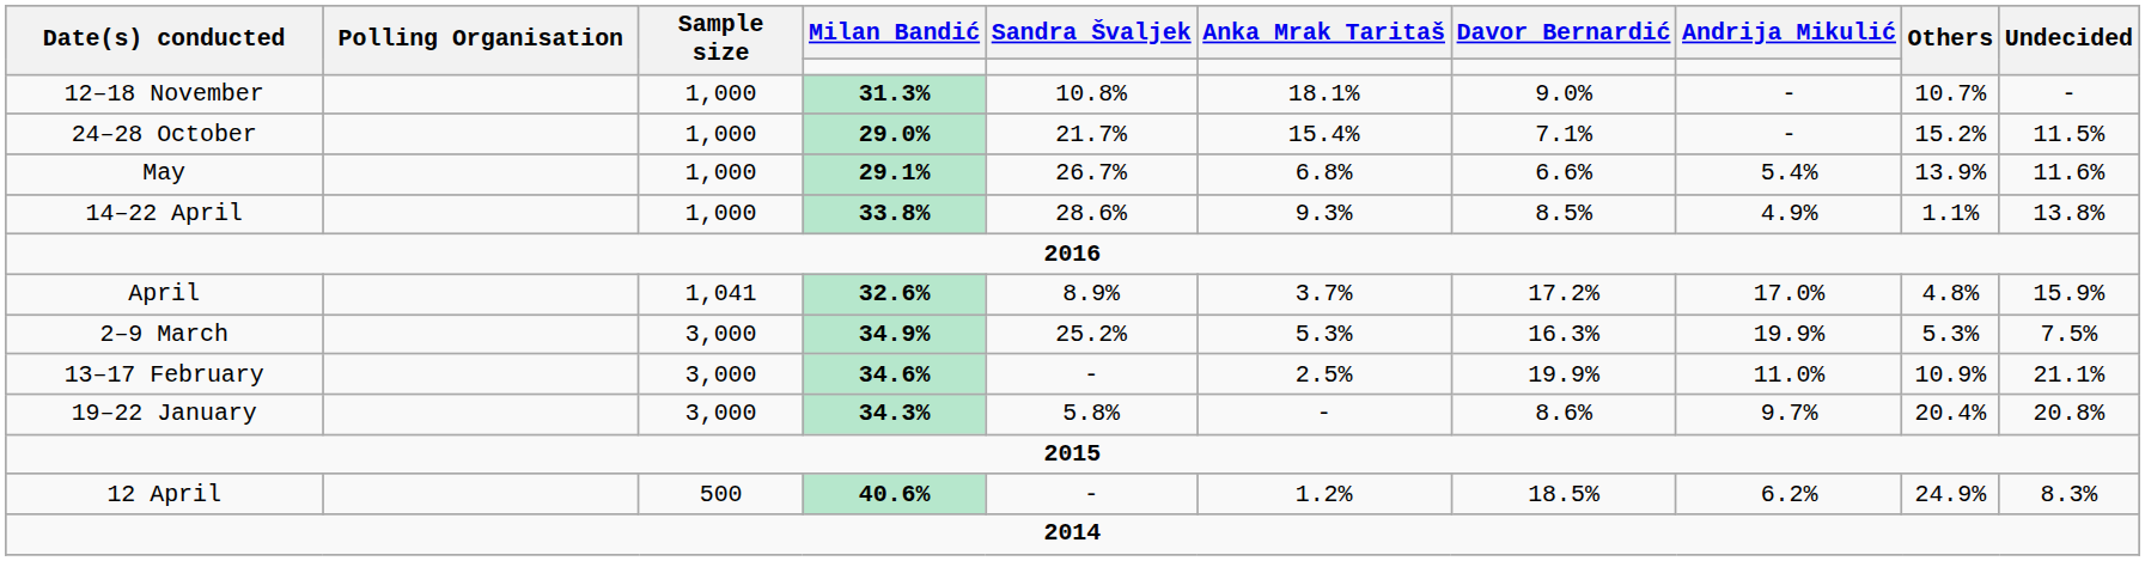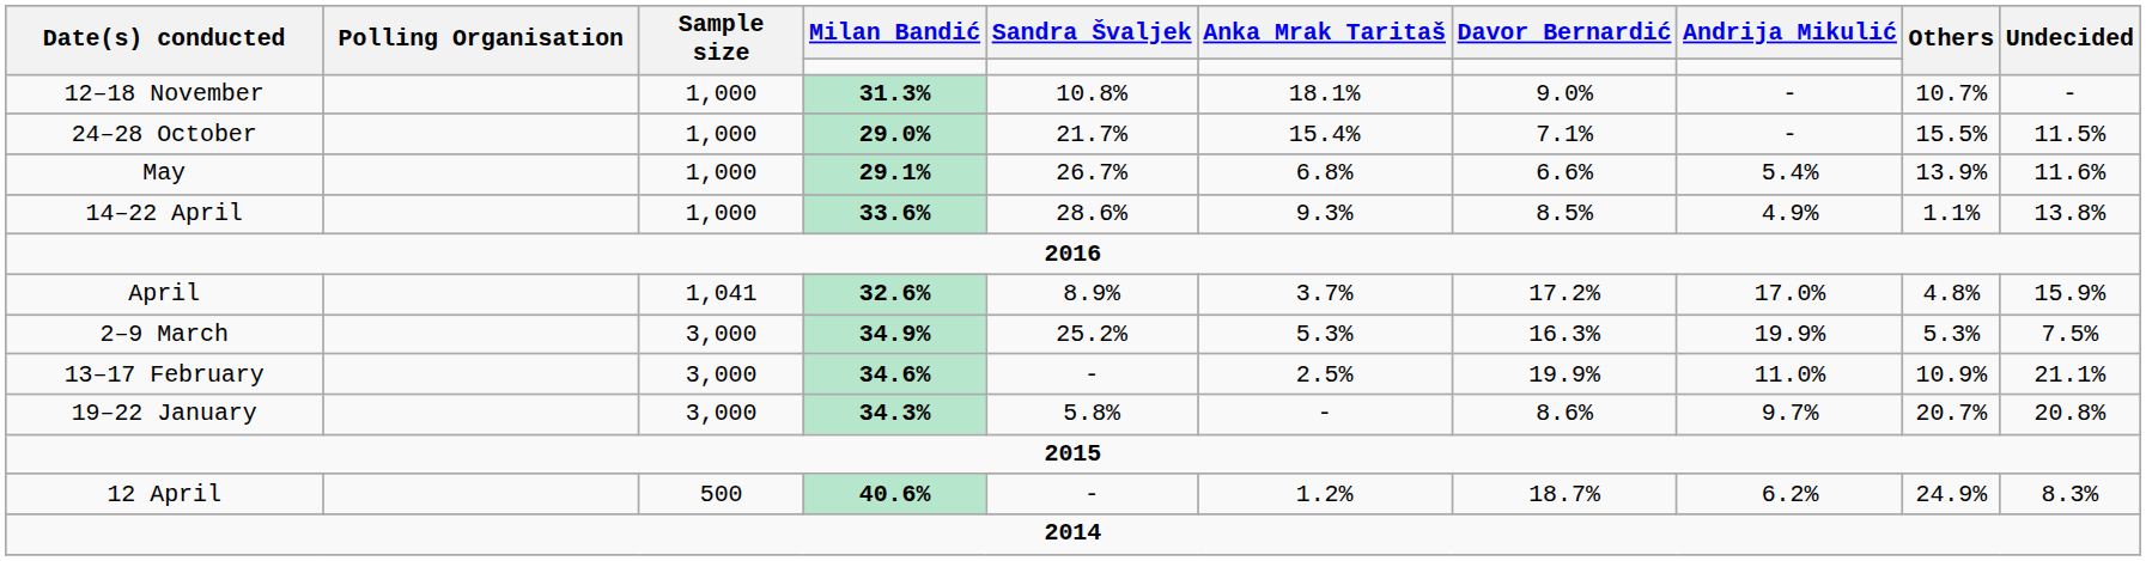 <table class="wikitable" style="text-align:center; font-size:90%;">
 <tr>
 <th style="width:150px;" rowspan=2>Date(s) conducted</th>
 <th style="width:150px;" rowspan=2>Polling Organisation</th>
 <th style="width:75px;" rowspan=2>Sample size</th>
 <th><a href='#'>Milan Bandić</a></th>
 <th><a href='#'>Sandra Švaljek</a></th>
 <th><a href='#'>Anka Mrak Taritaš</a></th>
 <th><a href='#'>Davor Bernardić</a></th>
 <th><a href='#'>Andrija Mikulić</a></th>
 <th style="width:40px;" rowspan="2">Others</th>
 <th style="width:40px;" rowspan="2">Undecided</th>
 </tr>
 <tr>
 <td style="background: "></td>
 <td style="background: "></td>
 <td style="background: "></td>
 <td style="background: "></td>
 <td style="background: "></td>
 </tr>
 <tr>
 <td>12–18 November</td>
 <td></td>
 <td>1,000</td>
 <td style="background: #b6e7cc"><strong>31.3%</strong></td>
 <td>10.8%</td>
 <td>18.1%</td>
 <td>9.0%</td>
 <td>-</td>
 <td>10.7%</td>
 <td>-</td>
 </tr>
 <tr>
 <td>24–28 October</td>
 <td></td>
 <td>1,000</td>
 <td style="background: #b6e7cc"><strong>29.0%</strong></td>
 <td>21.7%</td>
 <td>15.4%</td>
 <td>7.1%</td>
 <td>-</td>
-<td>15.2%</td>
+<td>15.5%</td>
 <td>11.5%</td>
 </tr>
 <tr>
 <td>May</td>
 <td></td>
 <td>1,000</td>
 <td style="background: #b6e7cc"><strong>29.1%</strong></td>
 <td>26.7%</td>
 <td>6.8%</td>
 <td>6.6%</td>
 <td>5.4%</td>
 <td>13.9%</td>
 <td>11.6%</td>
 </tr>
 <tr>
 <td>14–22 April</td>
 <td></td>
 <td>1,000</td>
-<td style="background: #b6e7cc"><strong>33.8%</strong></td>
+<td style="background: #b6e7cc"><strong>33.6%</strong></td>
 <td>28.6%</td>
 <td>9.3%</td>
 <td>8.5%</td>
 <td>4.9%</td>
 <td>1.1%</td>
 <td>13.8%</td>
 </tr>
 <tr>
 <td colspan="12"><strong>2016</strong></td>
 </tr>
 <tr>
 <td>April</td>
 <td></td>
 <td>1,041</td>
 <td style="background: #b6e7cc"><strong>32.6%</strong></td>
 <td>8.9%</td>
 <td>3.7%</td>
 <td>17.2%</td>
 <td>17.0%</td>
 <td>4.8%</td>
 <td>15.9%</td>
 </tr>
 <tr>
 <td>2–9 March</td>
 <td></td>
 <td>3,000</td>
 <td style="background: #b6e7cc"><strong>34.9%</strong></td>
 <td>25.2%</td>
 <td>5.3%</td>
 <td>16.3%</td>
 <td>19.9%</td>
 <td>5.3%</td>
 <td>7.5%</td>
 </tr>
 <tr>
 <td>13–17 February</td>
 <td></td>
 <td>3,000</td>
 <td style="background: #b6e7cc"><strong>34.6%</strong></td>
 <td>-</td>
 <td>2.5%</td>
 <td>19.9%</td>
 <td>11.0%</td>
 <td>10.9%</td>
 <td>21.1%</td>
 </tr>
 <tr>
 <td>19–22 January</td>
 <td></td>
 <td>3,000</td>
 <td style="background: #b6e7cc"><strong>34.3%</strong></td>
 <td>5.8%</td>
 <td>-</td>
 <td>8.6%</td>
 <td>9.7%</td>
-<td>20.4%</td>
+<td>20.7%</td>
 <td>20.8%</td>
 </tr>
 <tr>
 <td colspan="12"><strong>2015</strong></td>
 </tr>
 <tr>
 <td>12 April</td>
 <td></td>
 <td>500</td>
 <td style="background: #b6e7cc"><strong>40.6%</strong></td>
 <td>-</td>
 <td>1.2%</td>
-<td>18.5%</td>
+<td>18.7%</td>
 <td>6.2%</td>
 <td>24.9%</td>
 <td>8.3%</td>
 </tr>
 <tr>
 <td colspan="12"><strong>2014</strong></td>
 </tr>
 </table>
